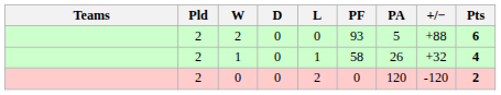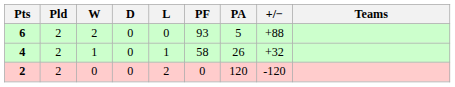 <table class="wikitable" style="text-align: center;">
 <tr>
-<th width="200">Teams</th>
+<th width="40">Pts</th>
 <th width="40">Pld</th>
 <th width="40">W</th>
 <th width="40">D</th>
 <th width="40">L</th>
 <th width="40">PF</th>
 <th width="40">PA</th>
 <th width="40">+/−</th>
-<th width="40">Pts</th>
+<th width="200">Teams</th>
 </tr>
 <tr bgcolor=ccffcc>
-<td align=left></td>
+<td><strong>6</strong></td>
 <td>2</td>
 <td>2</td>
 <td>0</td>
 <td>0</td>
 <td>93</td>
 <td>5</td>
 <td>+88</td>
-<td><strong>6</strong></td>
+<td align=left></td>
 </tr>
 <tr bgcolor=ccffcc>
-<td align=left></td>
+<td><strong>4</strong></td>
 <td>2</td>
 <td>1</td>
 <td>0</td>
 <td>1</td>
 <td>58</td>
 <td>26</td>
 <td>+32</td>
-<td><strong>4</strong></td>
+<td align=left></td>
 </tr>
 <tr bgcolor=ffcccc>
-<td align=left></td>
+<td><strong>2</strong></td>
 <td>2</td>
 <td>0</td>
 <td>0</td>
 <td>2</td>
 <td>0</td>
 <td>120</td>
 <td>-120</td>
-<td><strong>2</strong></td>
+<td align=left></td>
 </tr>
 </table>
